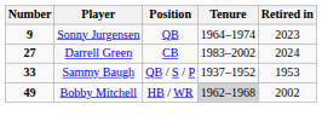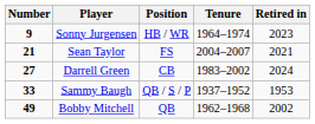 <table class="wikitable" style="text-align:center">
 <tr>
 <th>Number</th>
 <th>Player</th>
 <th>Position</th>
 <th>Tenure</th>
 <th>Retired in</th>
 </tr>
 <tr>
 <td><strong>9</strong></td>
 <td><a href='#'>Sonny Jurgensen</a></td>
-<td><a href='#'>QB</a></td>
+<td><a href='#'>HB</a> / <a href='#'>WR</a></td>
 <td>1964–1974</td>
 <td>2023</td>
+</tr>
+<tr>
+<td><strong>21</strong></td>
+<td><a href='#'>Sean Taylor</a></td>
+<td><a href='#'>FS</a></td>
+<td>2004–2007</td>
+<td>2021</td>
 </tr>
 <tr>
 <td><strong>27</strong></td>
 <td><a href='#'>Darrell Green</a></td>
 <td><a href='#'>CB</a></td>
 <td>1983–2002</td>
 <td>2024</td>
 </tr>
 <tr>
 <td><strong>33</strong></td>
 <td><a href='#'>Sammy Baugh</a></td>
 <td><a href='#'>QB</a> / <a href='#'>S</a> / <a href='#'>P</a></td>
 <td>1937–1952</td>
 <td>1953</td>
 </tr>
 <tr>
 <td><strong>49</strong></td>
 <td><a href='#'>Bobby Mitchell</a></td>
-<td><a href='#'>HB</a> / <a href='#'>WR</a></td>
-<td style="background: lightgrey;">1962–1968</td>
+<td><a href='#'>QB</a></td>
+<td>1962–1968</td>
 <td>2002</td>
 </tr>
 </table>
